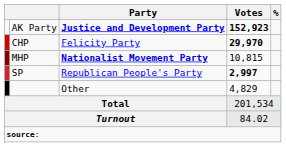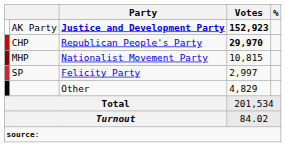 <table class="wikitable">
 <tr>
 <th colspan="2" align="center"></th>
 <th align="center">Party</th>
 <th align="center">Votes</th>
 <th align="center">%</th>
 </tr>
 <tr align="left">
 <td></td>
 <td>AK Party</td>
 <td><strong><a href='#'>Justice and Development Party</a></strong></td>
 <td><strong>152,923</strong></td>
 <td><strong></strong></td>
 </tr>
 <tr align="left">
 <td bgcolor="#d50000" width="1"></td>
 <td>CHP</td>
-<td><a href='#'>Felicity Party</a></td>
+<td><a href='#'>Republican People's Party</a></td>
 <td><strong>29,970</strong></td>
 <td></td>
 </tr>
 <tr align="left">
 <td bgcolor="#870000" width="1"></td>
 <td>MHP</td>
-<td><strong><a href='#'>Nationalist Movement Party</a></strong></td>
+<td><a href='#'>Nationalist Movement Party</a></td>
 <td>10,815</td>
 <td></td>
 </tr>
 <tr align="left">
 <td bgcolor="#D02433" width="1"></td>
 <td>SP</td>
-<td><a href='#'>Republican People's Party</a></td>
-<td><strong>2,997</strong></td>
+<td><a href='#'>Felicity Party</a></td>
+<td>2,997</td>
 <td></td>
 </tr>
 <tr align="left">
 <td bgcolor=" " width="1"></td>
 <td></td>
 <td>Other</td>
 <td>4,829</td>
 <td></td>
 </tr>
 <tr align="left" style="background-color:#E9E9E9">
 <th colspan="3" align="center"><strong>Total</strong></th>
 <td colspan="5" align="center">201,534</td>
 </tr>
 <tr align="left" style="background-color:#E9E9E9">
 <th colspan="3" align="center"><em>Turnout</em></th>
 <td colspan="5" align="center">84.02</td>
 </tr>
 <tr>
 <td colspan="9" align="left"><small><strong>source</strong>: </small></td>
 </tr>
 </table>
